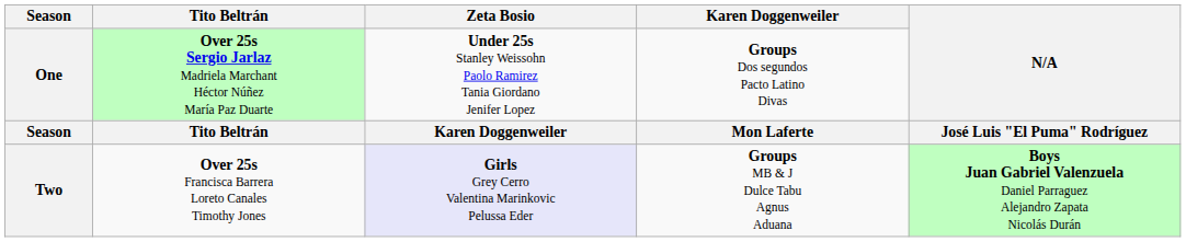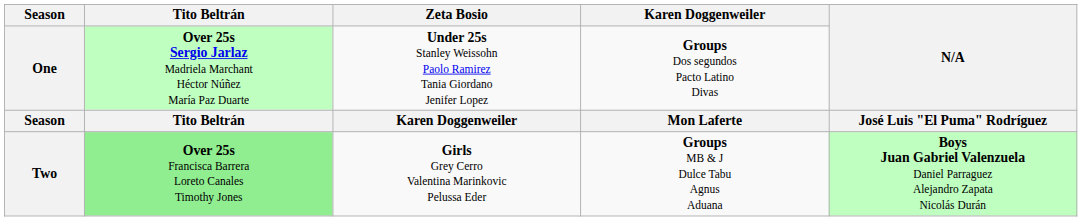 <table class="wikitable" style="text-align:center">
 <tr>
 <th style="width:4%;" scope="col">Season</th>
 <th style="width:13%;" scope="col">Tito Beltrán</th>
 <th style="width:13%;" scope="col">Zeta Bosio</th>
 <th style="width:13%;" scope="col">Karen Doggenweiler</th>
 <th style="width:13%;" rowspan="2">N/A</th>
 </tr>
 <tr>
 <th scope="row"><strong>One</strong></th>
 <td bgcolor="BFFFC0"><strong>Over 25s</strong><br><strong><a href='#'>Sergio Jarlaz</a></strong> <small><br>Madriela Marchant<br>Héctor Núñez<br>María Paz Duarte</small></td>
 <td><strong>Under 25s</strong><br><small>Stanley Weissohn<br><a href='#'>Paolo Ramirez</a><br>Tania Giordano<br>Jenifer Lopez</small></td>
 <td><strong>Groups</strong><br><small>Dos segundos<br>Pacto Latino<br>Divas</small></td>
 </tr>
 <tr>
 <th style="width:4%;" scope="col">Season</th>
 <th style="width:13%;" scope="col">Tito Beltrán</th>
 <th style="width:13%;" scope="col">Karen Doggenweiler</th>
 <th style="width:13%;" scope="col">Mon Laferte</th>
 <th style="width:13%;" scope="col">José Luis "El Puma" Rodríguez</th>
 </tr>
 <tr>
 <th scope="row"><strong>Two</strong></th>
-<td><strong>Over 25s</strong><br><small>Francisca Barrera<br>Loreto Canales<br>Timothy Jones</small></td>
-<td style="background: lavender;"><strong>Girls</strong><br><small>Grey Cerro<br>Valentina Marinkovic<br>Pelussa Eder</small></td>
+<td style="background: lightgreen;"><strong>Over 25s</strong><br><small>Francisca Barrera<br>Loreto Canales<br>Timothy Jones</small></td>
+<td><strong>Girls</strong><br><small>Grey Cerro<br>Valentina Marinkovic<br>Pelussa Eder</small></td>
 <td><strong>Groups</strong><br><small>MB & J<br>Dulce Tabu<br>Agnus<br>Aduana</small></td>
 <td bgcolor="BFFFC0"><strong>Boys</strong><br><strong>Juan Gabriel Valenzuela</strong><br><small>Daniel Parraguez<br>Alejandro Zapata<br>Nicolás Durán</small></td>
 </tr>
 </table>
